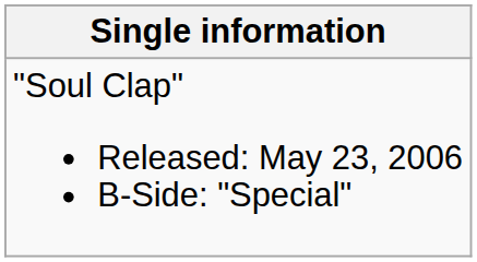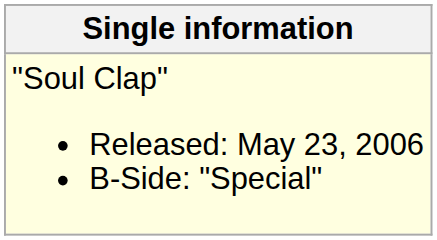 <table class="wikitable">
 <tr>
 <th>Single information</th>
 </tr>
 <tr>
-<td>"Soul Clap"<br><ul><li>Released: May 23, 2006</li><li>B-Side: "Special"</li></ul></td>
+<td style="background: lightyellow;">"Soul Clap"<br><ul><li>Released: May 23, 2006</li><li>B-Side: "Special"</li></ul></td>
 </tr>
 </table>
